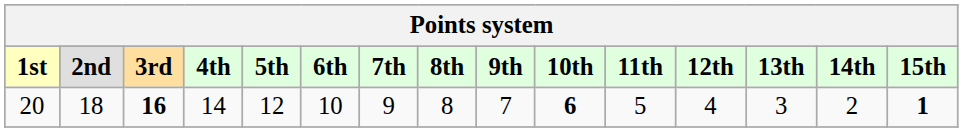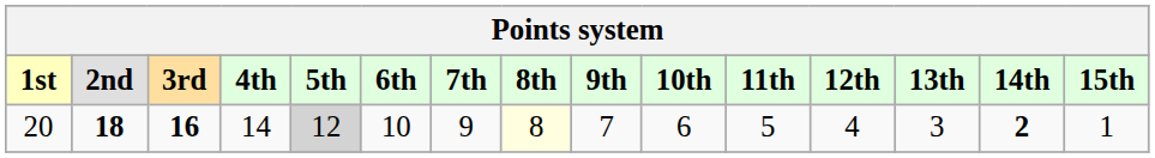 <table class="wikitable" style="font-size:90%; text-align:center">
 <tr>
 <th colspan="22">Points system</th>
 </tr>
 <tr>
 <td bgcolor="#ffffbf"> <strong>1st</strong> </td>
 <td bgcolor="#dfdfdf"> <strong>2nd</strong> </td>
 <td bgcolor="#ffdf9f"> <strong>3rd</strong> </td>
 <td bgcolor="#dfffdf"> <strong>4th</strong> </td>
 <td bgcolor="#dfffdf"> <strong>5th</strong> </td>
 <td bgcolor="#dfffdf"> <strong>6th</strong> </td>
 <td bgcolor="#dfffdf"> <strong>7th</strong> </td>
 <td bgcolor="#dfffdf"> <strong>8th</strong> </td>
 <td bgcolor="#dfffdf"> <strong>9th</strong> </td>
 <td bgcolor="#dfffdf"> <strong>10th</strong> </td>
 <td bgcolor="#dfffdf"> <strong>11th</strong> </td>
 <td bgcolor="#dfffdf"> <strong>12th</strong> </td>
 <td bgcolor="#dfffdf"> <strong>13th</strong> </td>
 <td bgcolor="#dfffdf"> <strong>14th</strong> </td>
 <td bgcolor="#dfffdf"> <strong>15th</strong> </td>
 </tr>
 <tr>
 <td>20</td>
-<td>18</td>
+<td><strong>18</strong></td>
 <td><strong>16</strong></td>
 <td>14</td>
-<td>12</td>
+<td style="background: lightgrey;">12</td>
 <td>10</td>
 <td>9</td>
-<td>8</td>
+<td style="background: lightyellow;">8</td>
 <td>7</td>
-<td><strong>6</strong></td>
+<td>6</td>
 <td>5</td>
 <td>4</td>
 <td>3</td>
-<td>2</td>
-<td><strong>1</strong></td>
+<td><strong>2</strong></td>
+<td>1</td>
 </tr>
 </table>
